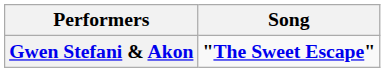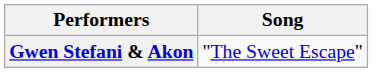 <table class="wikitable unsortable" style="text-align:center;">
 <tr>
 <th scope="col">Performers</th>
 <th scope="col">Song</th>
 </tr>
 <tr>
 <th scope="row"><a href='#'>Gwen Stefani</a> & <a href='#'>Akon</a></th>
-<td><strong>"<a href='#'>The Sweet Escape</a>"</strong></td>
+<td>"<a href='#'>The Sweet Escape</a>"</td>
 </tr>
 </table>
